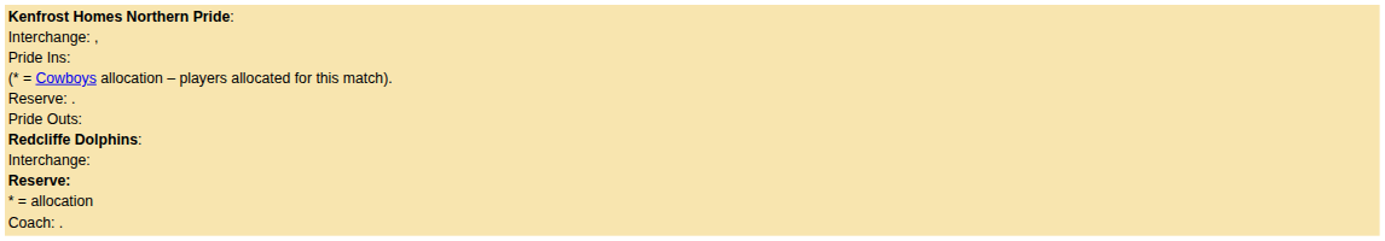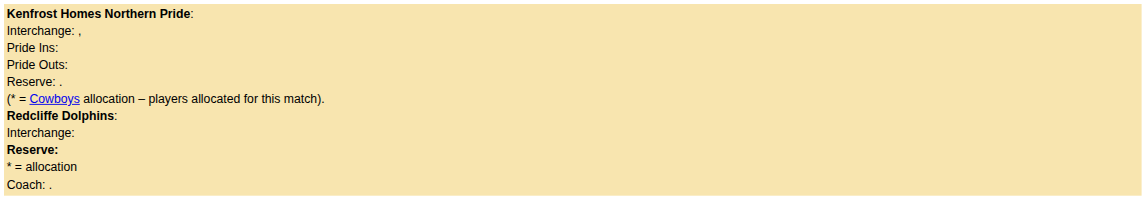 <table style="background:#f8e5af; font-size:85%; width:100%;">
 <tr>
 <td><strong>Kenfrost Homes Northern Pride</strong>:             </td>
 </tr>
 <tr>
 <td>Interchange: ,   </td>
 </tr>
 <tr>
 <td>Pride Ins:</td>
 </tr>
 <tr>
-<td>(* = <a href='#'>Cowboys</a> allocation – players allocated for this match).</td>
+<td>Pride Outs:</td>
 </tr>
 <tr>
 <td>Reserve: .</td>
 </tr>
 <tr>
-<td>Pride Outs:</td>
+<td>(* = <a href='#'>Cowboys</a> allocation – players allocated for this match).</td>
 </tr>
 <tr>
 <td><strong>Redcliffe Dolphins</strong>:             </td>
 </tr>
 <tr>
 <td>Interchange:    </td>
 </tr>
 <tr>
 <td><strong>Reserve: </strong></td>
 </tr>
 <tr>
 <td>* = allocation</td>
 </tr>
 <tr>
 <td>Coach: .</td>
 </tr>
 <tr>
 </tr>
 </table>
